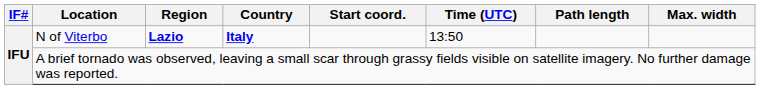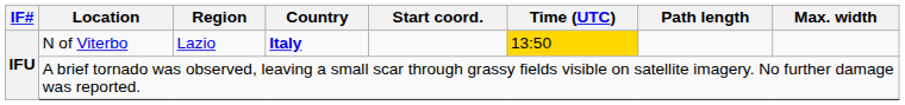 <table class="wikitable sortable" style="width:100%;">
 <tr>
 <th scope="col" width="2%" align="center"><a href='#'>IF#</a></th>
 <th scope="col" align="center" class="unsortable">Location</th>
 <th scope="col" align="center" class="unsortable">Region</th>
 <th scope="col" align="center">Country</th>
 <th scope="col" align="center">Start coord.</th>
 <th scope="col" align="center">Time (<a href='#'>UTC</a>)</th>
 <th scope="col" align="center">Path length</th>
 <th scope="col" align="center">Max. width</th>
 </tr>
 <tr>
 <th scope="row" rowspan="2" style="background-color:#">IFU</th>
 <td>N of <a href='#'>Viterbo</a></td>
-<td><strong><a href='#'>Lazio</a></strong></td>
+<td><a href='#'>Lazio</a></td>
 <td><strong><a href='#'>Italy</a></strong></td>
 <td></td>
-<td>13:50</td>
+<td style="background: gold;">13:50</td>
 <td></td>
 <td></td>
 </tr>
 <tr class="expand-child">
 <td colspan="8" style=" border-bottom: 1px solid black;">A brief tornado was observed, leaving a small scar through grassy fields visible on satellite imagery. No further damage was reported.</td>
 </tr>
 </table>
